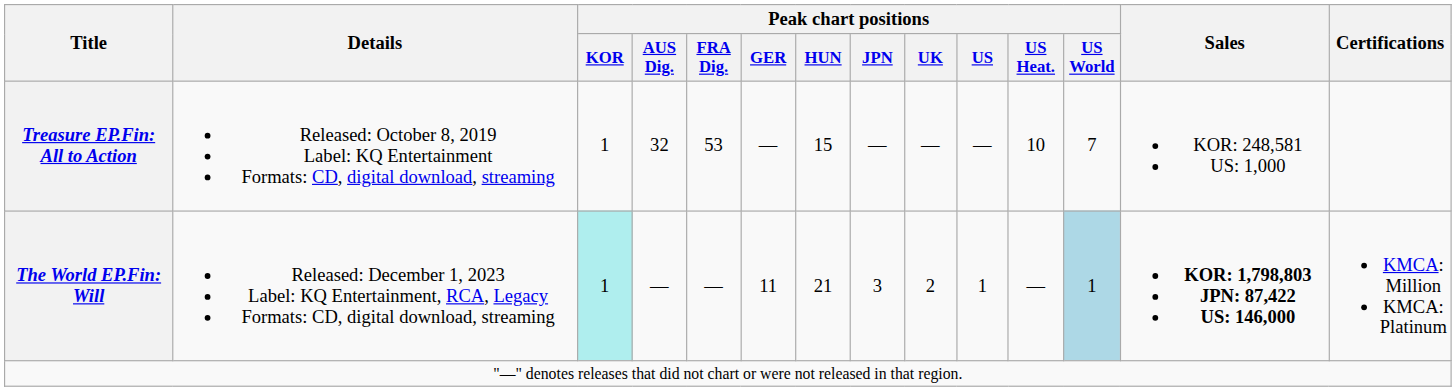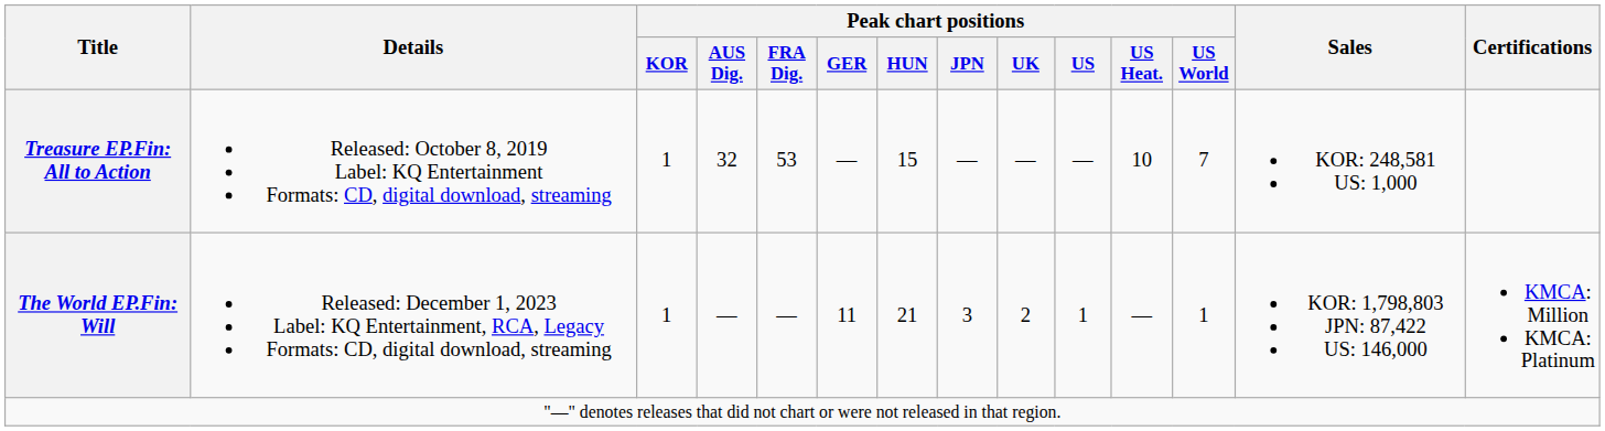 <table class="wikitable plainrowheaders" style="text-align:center;">
 <tr>
 <th scope="col" rowspan="2" style="width:10em;">Title</th>
 <th scope="col" rowspan="2" style="width:25em;">Details</th>
 <th scope="col" colspan="10">Peak chart positions</th>
 <th scope="col" rowspan="2" style="width:12em;">Sales</th>
 <th scope="col" rowspan="2">Certifications</th>
 </tr>
 <tr>
 <th scope="col" style="width:3em;font-size:90%;"><a href='#'>KOR</a><br></th>
 <th scope="col" style="width:3em;font-size:90%;"><a href='#'>AUS<br>Dig.</a><br></th>
 <th scope="col" style="width:3em;font-size:90%;"><a href='#'>FRA Dig.</a><br></th>
 <th scope="col" style="width:3em;font-size:90%;"><a href='#'>GER</a><br></th>
 <th scope="col" style="width:3em;font-size:90%;"><a href='#'>HUN</a><br></th>
 <th scope="col" style="width:3em;font-size:90%;"><a href='#'>JPN</a><br></th>
 <th scope="col" style="width:3em;font-size:90%;"><a href='#'>UK</a><br></th>
 <th scope="col" style="width:3em;font-size:90%;"><a href='#'>US</a><br></th>
 <th scope="col" style="width:3em;font-size:90%;"><a href='#'>US<br>Heat.</a><br></th>
 <th scope="col" style="width:3em;font-size:90%;"><a href='#'>US<br>World</a><br></th>
 </tr>
 <tr>
 <th scope="row"><em><a href='#'>Treasure EP.Fin: All to Action</a></em></th>
 <td><br><ul><li>Released: October 8, 2019</li><li>Label: KQ Entertainment</li><li>Formats: <a href='#'>CD</a>, <a href='#'>digital download</a>, <a href='#'>streaming</a></li></ul></td>
 <td>1</td>
 <td>32</td>
 <td>53</td>
 <td>—</td>
 <td>15</td>
 <td>—</td>
 <td>—</td>
 <td>—</td>
 <td>10</td>
 <td>7</td>
 <td><br><ul><li>KOR: 248,581</li><li>US: 1,000</li></ul></td>
 <td></td>
 </tr>
 <tr>
 <th scope="row"><em><a href='#'>The World EP.Fin: Will</a></em></th>
 <td><br><ul><li>Released: December 1, 2023</li><li>Label: KQ Entertainment, <a href='#'>RCA</a>, <a href='#'>Legacy</a></li><li>Formats: CD, digital download, streaming</li></ul></td>
-<td style="background: paleturquoise;">1</td>
+<td>1</td>
 <td>—</td>
 <td>—</td>
 <td>11</td>
 <td>21</td>
 <td>3</td>
 <td>2</td>
 <td>1</td>
 <td>—</td>
-<td style="background: lightblue;">1</td>
-<td><strong><br><ul><li>KOR: 1,798,803</li><li>JPN: 87,422 </li><li>US: 146,000</li></ul></strong></td>
+<td>1</td>
+<td><br><ul><li>KOR: 1,798,803</li><li>JPN: 87,422 </li><li>US: 146,000</li></ul></td>
 <td><br><ul><li><a href='#'>KMCA</a>: Million</li><li>KMCA: Platinum </li></ul></td>
 </tr>
 <tr>
 <td colspan="14" style="font-size:85%">"—" denotes releases that did not chart or were not released in that region.</td>
 </tr>
 </table>
